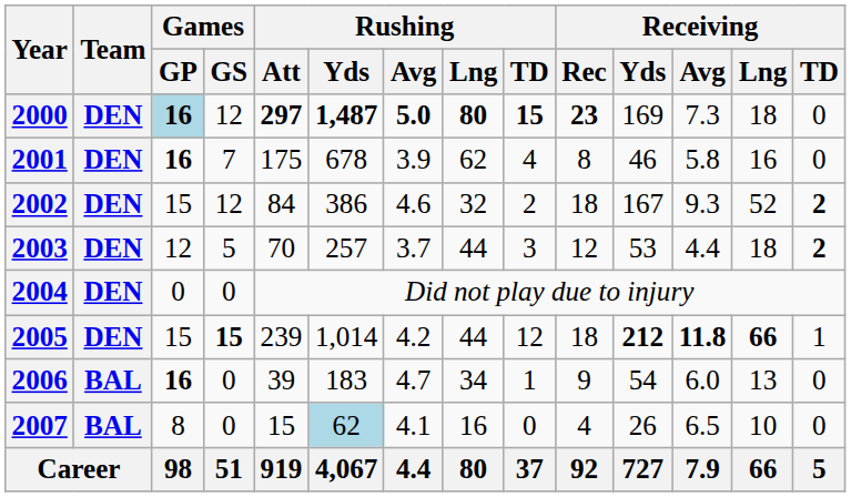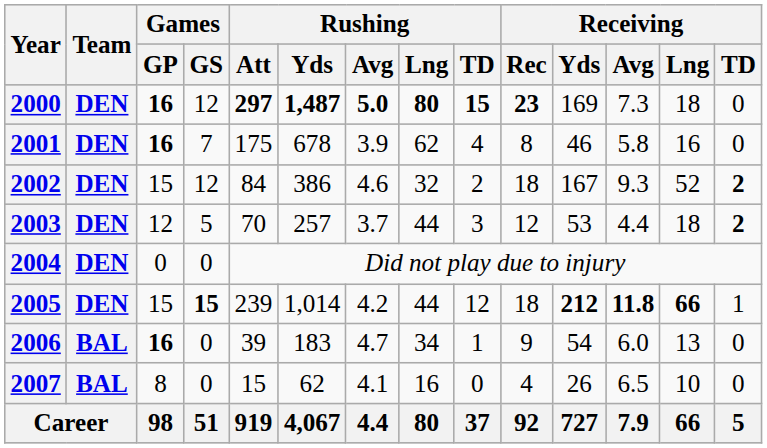 <table class=wikitable style="text-align:center">
 <tr>
 <th rowspan="2">Year</th>
 <th rowspan="2">Team</th>
 <th colspan="2">Games</th>
 <th colspan="5">Rushing</th>
 <th colspan="5">Receiving</th>
 </tr>
 <tr>
 <th>GP</th>
 <th>GS</th>
 <th>Att</th>
 <th>Yds</th>
 <th>Avg</th>
 <th>Lng</th>
 <th>TD</th>
 <th>Rec</th>
 <th>Yds</th>
 <th>Avg</th>
 <th>Lng</th>
 <th>TD</th>
 </tr>
 <tr>
 <th><a href='#'>2000</a></th>
 <th><a href='#'>DEN</a></th>
-<td style="background: lightblue;"><strong>16</strong></td>
+<td><strong>16</strong></td>
 <td>12</td>
 <td><strong>297</strong></td>
 <td><strong>1,487</strong></td>
 <td><strong>5.0</strong></td>
 <td><strong>80</strong></td>
 <td><strong>15</strong></td>
 <td><strong>23</strong></td>
 <td>169</td>
 <td>7.3</td>
 <td>18</td>
 <td>0</td>
 </tr>
 <tr>
 <th><a href='#'>2001</a></th>
 <th><a href='#'>DEN</a></th>
 <td><strong>16</strong></td>
 <td>7</td>
 <td>175</td>
 <td>678</td>
 <td>3.9</td>
 <td>62</td>
 <td>4</td>
 <td>8</td>
 <td>46</td>
 <td>5.8</td>
 <td>16</td>
 <td>0</td>
 </tr>
 <tr>
 <th><a href='#'>2002</a></th>
 <th><a href='#'>DEN</a></th>
 <td>15</td>
 <td>12</td>
 <td>84</td>
 <td>386</td>
 <td>4.6</td>
 <td>32</td>
 <td>2</td>
 <td>18</td>
 <td>167</td>
 <td>9.3</td>
 <td>52</td>
 <td><strong>2</strong></td>
 </tr>
 <tr>
 <th><a href='#'>2003</a></th>
 <th><a href='#'>DEN</a></th>
 <td>12</td>
 <td>5</td>
 <td>70</td>
 <td>257</td>
 <td>3.7</td>
 <td>44</td>
 <td>3</td>
 <td>12</td>
 <td>53</td>
 <td>4.4</td>
 <td>18</td>
 <td><strong>2</strong></td>
 </tr>
 <tr>
 <th><a href='#'>2004</a></th>
 <th><a href='#'>DEN</a></th>
 <td>0</td>
 <td>0</td>
 <td colspan="10"><em>Did not play due to injury</em></td>
 </tr>
 <tr>
 <th><a href='#'>2005</a></th>
 <th><a href='#'>DEN</a></th>
 <td>15</td>
 <td><strong>15</strong></td>
 <td>239</td>
 <td>1,014</td>
 <td>4.2</td>
 <td>44</td>
 <td>12</td>
 <td>18</td>
 <td><strong>212</strong></td>
 <td><strong>11.8</strong></td>
 <td><strong>66</strong></td>
 <td>1</td>
 </tr>
 <tr>
 <th><a href='#'>2006</a></th>
 <th><a href='#'>BAL</a></th>
 <td><strong>16</strong></td>
 <td>0</td>
 <td>39</td>
 <td>183</td>
 <td>4.7</td>
 <td>34</td>
 <td>1</td>
 <td>9</td>
 <td>54</td>
 <td>6.0</td>
 <td>13</td>
 <td>0</td>
 </tr>
 <tr>
 <th><a href='#'>2007</a></th>
 <th><a href='#'>BAL</a></th>
 <td>8</td>
 <td>0</td>
 <td>15</td>
-<td style="background: lightblue;">62</td>
+<td>62</td>
 <td>4.1</td>
 <td>16</td>
 <td>0</td>
 <td>4</td>
 <td>26</td>
 <td>6.5</td>
 <td>10</td>
 <td>0</td>
 </tr>
 <tr>
 <th colspan="2">Career</th>
 <th>98</th>
 <th>51</th>
 <th>919</th>
 <th>4,067</th>
 <th>4.4</th>
 <th>80</th>
 <th>37</th>
 <th>92</th>
 <th>727</th>
 <th>7.9</th>
 <th>66</th>
 <th>5</th>
 </tr>
 </table>
